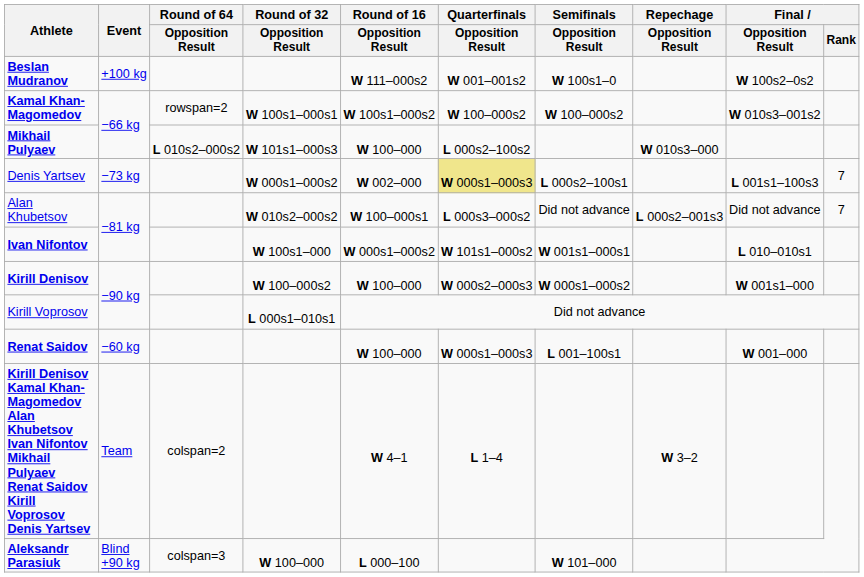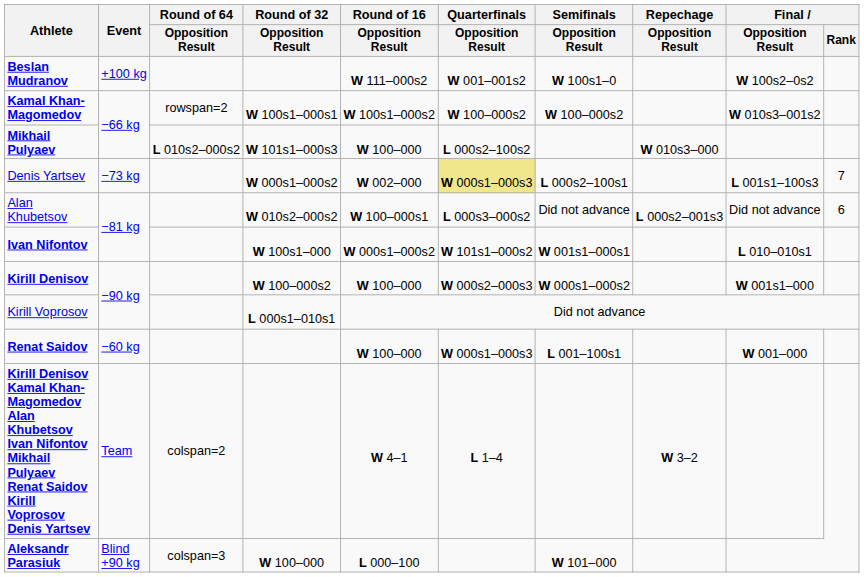 <table class="wikitable" style="text-align:center; font-size:90%">
 <tr>
 <th rowspan=2 width=100>Athlete</th>
 <th rowspan=2>Event</th>
 <th>Round of 64</th>
 <th>Round of 32</th>
 <th>Round of 16</th>
 <th>Quarterfinals</th>
 <th>Semifinals</th>
 <th>Repechage</th>
 <th colspan=2>Final / </th>
 </tr>
 <tr style="font-size:95%">
 <th>Opposition<br>Result</th>
 <th>Opposition<br>Result</th>
 <th>Opposition<br>Result</th>
 <th>Opposition<br>Result</th>
 <th>Opposition<br>Result</th>
 <th>Opposition<br>Result</th>
 <th>Opposition<br>Result</th>
 <th>Rank</th>
 </tr>
 <tr>
 <td align=left><strong><a href='#'>Beslan Mudranov</a></strong></td>
 <td align=left><a href='#'>+100 kg</a></td>
 <td></td>
 <td></td>
 <td><br><strong>W</strong> 111–000s2</td>
 <td><br><strong>W</strong> 001–001s2</td>
 <td><br><strong>W</strong> 100s1–0</td>
 <td></td>
 <td><br><strong>W</strong> 100s2–0s2</td>
 <td></td>
 </tr>
 <tr>
 <td align=left><strong><a href='#'>Kamal Khan-Magomedov</a></strong></td>
 <td rowspan=2 align=left><a href='#'>−66 kg</a></td>
 <td>rowspan=2 </td>
 <td><br><strong>W</strong> 100s1–000s1</td>
 <td><br><strong>W</strong> 100s1–000s2</td>
 <td><br><strong>W</strong> 100–000s2</td>
 <td><br><strong>W</strong> 100–000s2</td>
 <td></td>
 <td><br><strong>W</strong> 010s3–001s2</td>
 <td></td>
 </tr>
 <tr>
 <td align=left><strong><a href='#'>Mikhail Pulyaev</a></strong></td>
 <td><br><strong>L</strong> 010s2–000s2</td>
 <td><br><strong>W</strong> 101s1–000s3</td>
 <td><br><strong>W</strong> 100–000</td>
 <td><br><strong>L</strong> 000s2–100s2</td>
 <td></td>
 <td><br><strong>W</strong> 010s3–000</td>
 <td></td>
 </tr>
 <tr>
 <td align=left><a href='#'>Denis Yartsev</a></td>
 <td align=left><a href='#'>−73 kg</a></td>
 <td></td>
 <td><br><strong>W</strong> 000s1–000s2</td>
 <td><br><strong>W</strong> 002–000</td>
 <td style="background: khaki;"><br><strong>W</strong> 000s1–000s3</td>
 <td><br><strong>L</strong> 000s2–100s1</td>
 <td></td>
 <td><br><strong>L</strong> 001s1–100s3</td>
 <td>7</td>
 </tr>
 <tr>
 <td align=left><a href='#'>Alan Khubetsov</a></td>
 <td rowspan=2 align=left><a href='#'>−81 kg</a></td>
 <td></td>
 <td><br><strong>W</strong> 010s2–000s2</td>
 <td><br><strong>W</strong> 100–000s1</td>
 <td><br><strong>L</strong> 000s3–000s2</td>
 <td>Did not advance</td>
 <td><br><strong>L</strong> 000s2–001s3</td>
 <td>Did not advance</td>
-<td>7</td>
+<td>6</td>
 </tr>
 <tr>
 <td align=left><strong><a href='#'>Ivan Nifontov</a></strong></td>
 <td></td>
 <td><br><strong>W</strong> 100s1–000</td>
 <td><br><strong>W</strong> 000s1–000s2</td>
 <td><br><strong>W</strong> 101s1–000s2</td>
 <td><br><strong>W</strong> 001s1–000s1</td>
 <td></td>
 <td><br><strong>L</strong> 010–010s1</td>
 <td></td>
 </tr>
 <tr>
 <td align=left><strong><a href='#'>Kirill Denisov</a></strong></td>
 <td rowspan=2 align=left><a href='#'>−90 kg</a></td>
 <td></td>
 <td><br><strong>W</strong> 100–000s2</td>
 <td><br><strong>W</strong> 100–000</td>
 <td><br><strong>W</strong> 000s2–000s3</td>
 <td><br><strong>W</strong> 000s1–000s2</td>
 <td></td>
 <td><br><strong>W</strong> 001s1–000</td>
 <td></td>
 </tr>
 <tr>
 <td align=left><a href='#'>Kirill Voprosov</a></td>
 <td></td>
 <td><br><strong>L</strong> 000s1–010s1</td>
 <td colspan=6>Did not advance</td>
 </tr>
 <tr>
 <td align=left><strong><a href='#'>Renat Saidov</a></strong></td>
 <td align=left><a href='#'>−60 kg</a></td>
 <td></td>
 <td></td>
 <td><br><strong>W</strong> 100–000</td>
 <td><br><strong>W</strong> 000s1–000s3</td>
 <td><br><strong>L</strong> 001–100s1</td>
 <td></td>
 <td><br><strong>W</strong> 001–000</td>
 <td></td>
 </tr>
 <tr>
 <td align=left><strong><a href='#'>Kirill Denisov</a><br><a href='#'>Kamal Khan-Magomedov</a><br><a href='#'>Alan Khubetsov</a><br><a href='#'>Ivan Nifontov</a><br><a href='#'>Mikhail Pulyaev</a><br><a href='#'>Renat Saidov</a><br><a href='#'>Kirill Voprosov</a><br><a href='#'>Denis Yartsev</a></strong></td>
 <td align=left><a href='#'>Team</a></td>
 <td>colspan=2 </td>
 <td></td>
 <td><br><strong>W</strong> 4–1</td>
 <td><br><strong>L</strong> 1–4</td>
 <td></td>
 <td><br><strong>W</strong> 3–2</td>
 <td></td>
 </tr>
 <tr>
 <td align=left><strong><a href='#'>Aleksandr Parasiuk</a></strong></td>
 <td align=left><a href='#'>Blind<br>+90 kg</a></td>
 <td>colspan=3 </td>
 <td><br><strong>W</strong> 100–000</td>
 <td><br><strong>L</strong> 000–100</td>
 <td></td>
 <td><br><strong>W</strong> 101–000</td>
 <td></td>
 </tr>
 </table>
